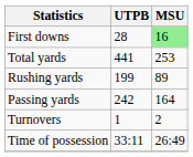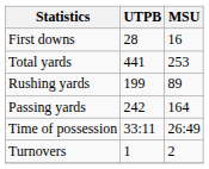 <table class="wikitable" style="float: left;">
 <tr>
 <th>Statistics</th>
 <th>UTPB</th>
 <th>MSU</th>
 </tr>
 <tr>
 <td>First downs</td>
 <td>28</td>
-<td style="background: lightgreen;">16</td>
+<td>16</td>
 </tr>
 <tr>
 <td>Total yards</td>
 <td>441</td>
 <td>253</td>
 </tr>
 <tr>
 <td>Rushing yards</td>
 <td>199</td>
 <td>89</td>
 </tr>
 <tr>
 <td>Passing yards</td>
 <td>242</td>
 <td>164</td>
 </tr>
 <tr>
+<td>Time of possession</td>
+<td>33:11</td>
+<td>26:49</td>
+</tr>
+<tr>
 <td>Turnovers</td>
 <td>1</td>
 <td>2</td>
 </tr>
 <tr>
-<td>Time of possession</td>
-<td>33:11</td>
-<td>26:49</td>
-</tr>
-<tr>
 </tr>
 </table>
